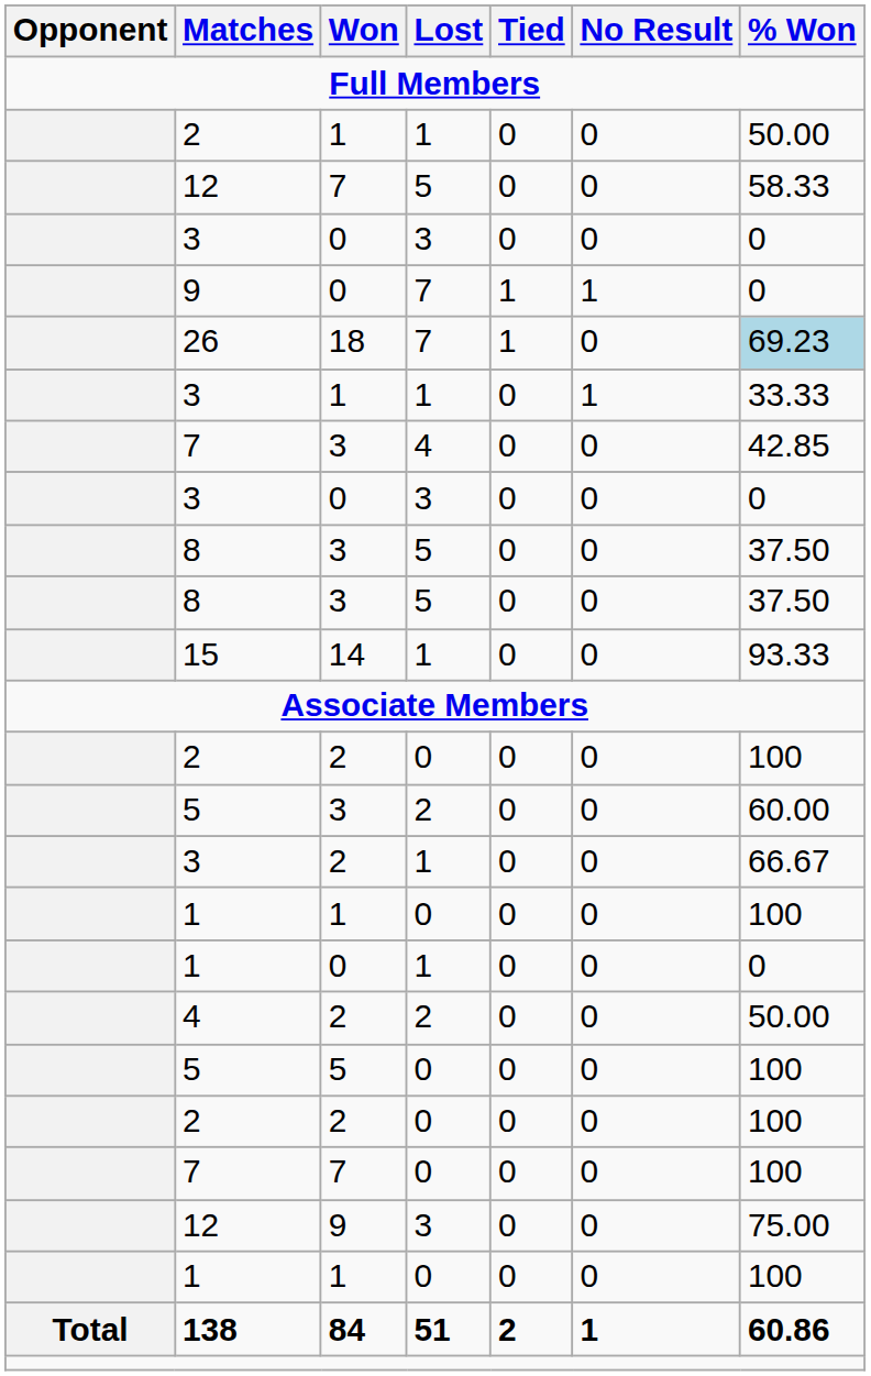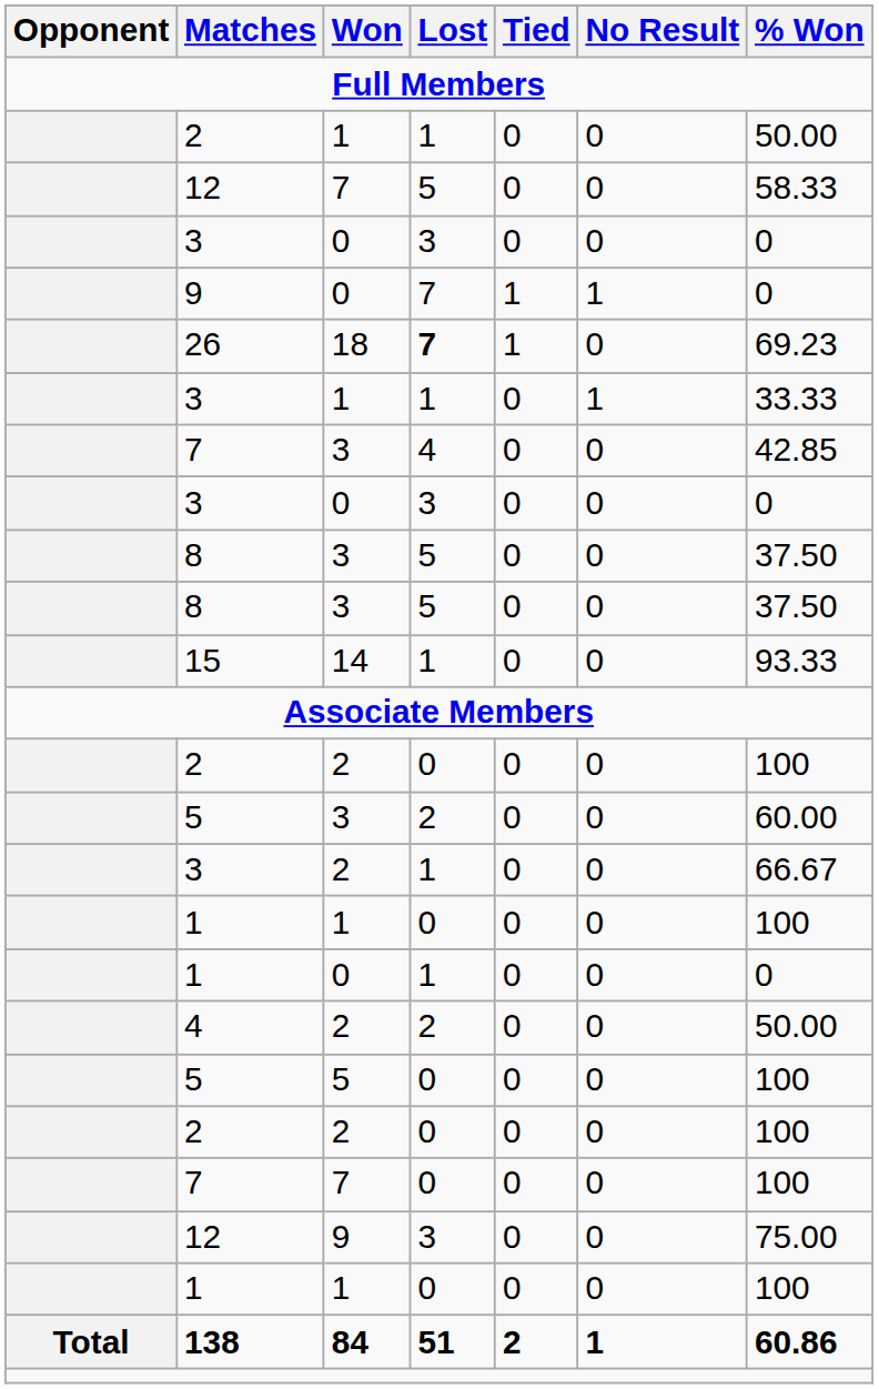 <table class="wikitable plainrowheaders sortable">
 <tr>
 <th scope="col">Opponent</th>
 <th scope="col"><a href='#'>Matches</a></th>
 <th scope="col"><a href='#'>Won</a></th>
 <th scope="col"><a href='#'>Lost</a></th>
 <th scope="col"><a href='#'>Tied</a></th>
 <th scope="col"><a href='#'>No Result</a></th>
 <th scope="col"><a href='#'>% Won</a></th>
 </tr>
 <tr>
 <td style="text-align: center;" colspan="9"><strong><a href='#'>Full Members</a></strong></td>
 </tr>
 <tr>
 <th scope=row></th>
 <td>2</td>
 <td>1</td>
 <td>1</td>
 <td>0</td>
 <td>0</td>
 <td>50.00</td>
 </tr>
 <tr>
 <th scope=row></th>
 <td>12</td>
 <td>7</td>
 <td>5</td>
 <td>0</td>
 <td>0</td>
 <td>58.33</td>
 </tr>
 <tr>
 <th scope=row></th>
 <td>3</td>
 <td>0</td>
 <td>3</td>
 <td>0</td>
 <td>0</td>
 <td>0</td>
 </tr>
 <tr>
 <th scope=row></th>
 <td>9</td>
 <td>0</td>
 <td>7</td>
 <td>1</td>
 <td>1</td>
 <td>0</td>
 </tr>
 <tr>
 <th scope=row></th>
 <td>26</td>
 <td>18</td>
-<td>7</td>
+<td><strong>7</strong></td>
 <td>1</td>
 <td>0</td>
-<td style="background: lightblue;">69.23</td>
+<td>69.23</td>
 </tr>
 <tr>
 <th scope=row></th>
 <td>3</td>
 <td>1</td>
 <td>1</td>
 <td>0</td>
 <td>1</td>
 <td>33.33</td>
 </tr>
 <tr>
 <th scope=row></th>
 <td>7</td>
 <td>3</td>
 <td>4</td>
 <td>0</td>
 <td>0</td>
 <td>42.85</td>
 </tr>
 <tr>
 <th scope=row></th>
 <td>3</td>
 <td>0</td>
 <td>3</td>
 <td>0</td>
 <td>0</td>
 <td>0</td>
 </tr>
 <tr>
 <th scope=row></th>
 <td>8</td>
 <td>3</td>
 <td>5</td>
 <td>0</td>
 <td>0</td>
 <td>37.50</td>
 </tr>
 <tr>
 <th scope=row></th>
 <td>8</td>
 <td>3</td>
 <td>5</td>
 <td>0</td>
 <td>0</td>
 <td>37.50</td>
 </tr>
 <tr>
 <th scope=row></th>
 <td>15</td>
 <td>14</td>
 <td>1</td>
 <td>0</td>
 <td>0</td>
 <td>93.33</td>
 </tr>
 <tr>
 <td colspan="10" style="text-align: center;"><strong><a href='#'>Associate Members</a></strong></td>
 </tr>
 <tr>
 <th scope=row></th>
 <td>2</td>
 <td>2</td>
 <td>0</td>
 <td>0</td>
 <td>0</td>
 <td>100</td>
 </tr>
 <tr>
 <th scope=row></th>
 <td>5</td>
 <td>3</td>
 <td>2</td>
 <td>0</td>
 <td>0</td>
 <td>60.00</td>
 </tr>
 <tr>
 <th scope=row></th>
 <td>3</td>
 <td>2</td>
 <td>1</td>
 <td>0</td>
 <td>0</td>
 <td>66.67</td>
 </tr>
 <tr>
 <th scope=row></th>
 <td>1</td>
 <td>1</td>
 <td>0</td>
 <td>0</td>
 <td>0</td>
 <td>100</td>
 </tr>
 <tr>
 <th scope=row></th>
 <td>1</td>
 <td>0</td>
 <td>1</td>
 <td>0</td>
 <td>0</td>
 <td>0</td>
 </tr>
 <tr>
 <th scope=row></th>
 <td>4</td>
 <td>2</td>
 <td>2</td>
 <td>0</td>
 <td>0</td>
 <td>50.00</td>
 </tr>
 <tr>
 <th scope=row></th>
 <td>5</td>
 <td>5</td>
 <td>0</td>
 <td>0</td>
 <td>0</td>
 <td>100</td>
 </tr>
 <tr>
 <th scope=row></th>
 <td>2</td>
 <td>2</td>
 <td>0</td>
 <td>0</td>
 <td>0</td>
 <td>100</td>
 </tr>
 <tr>
 <th scope=row></th>
 <td>7</td>
 <td>7</td>
 <td>0</td>
 <td>0</td>
 <td>0</td>
 <td>100</td>
 </tr>
 <tr>
 <th scope=row></th>
 <td>12</td>
 <td>9</td>
 <td>3</td>
 <td>0</td>
 <td>0</td>
 <td>75.00</td>
 </tr>
 <tr>
 <th scope=row></th>
 <td>1</td>
 <td>1</td>
 <td>0</td>
 <td>0</td>
 <td>0</td>
 <td>100</td>
 </tr>
 <tr class="sortbottom">
 <th scope="row" style="text-align:center"><strong>Total</strong></th>
 <td><strong>138</strong></td>
 <td><strong>84</strong></td>
 <td><strong>51</strong></td>
 <td><strong>2</strong></td>
 <td><strong>1</strong></td>
 <td><strong>60.86</strong></td>
 </tr>
 <tr>
 <td colspan=10></td>
 </tr>
 </table>
